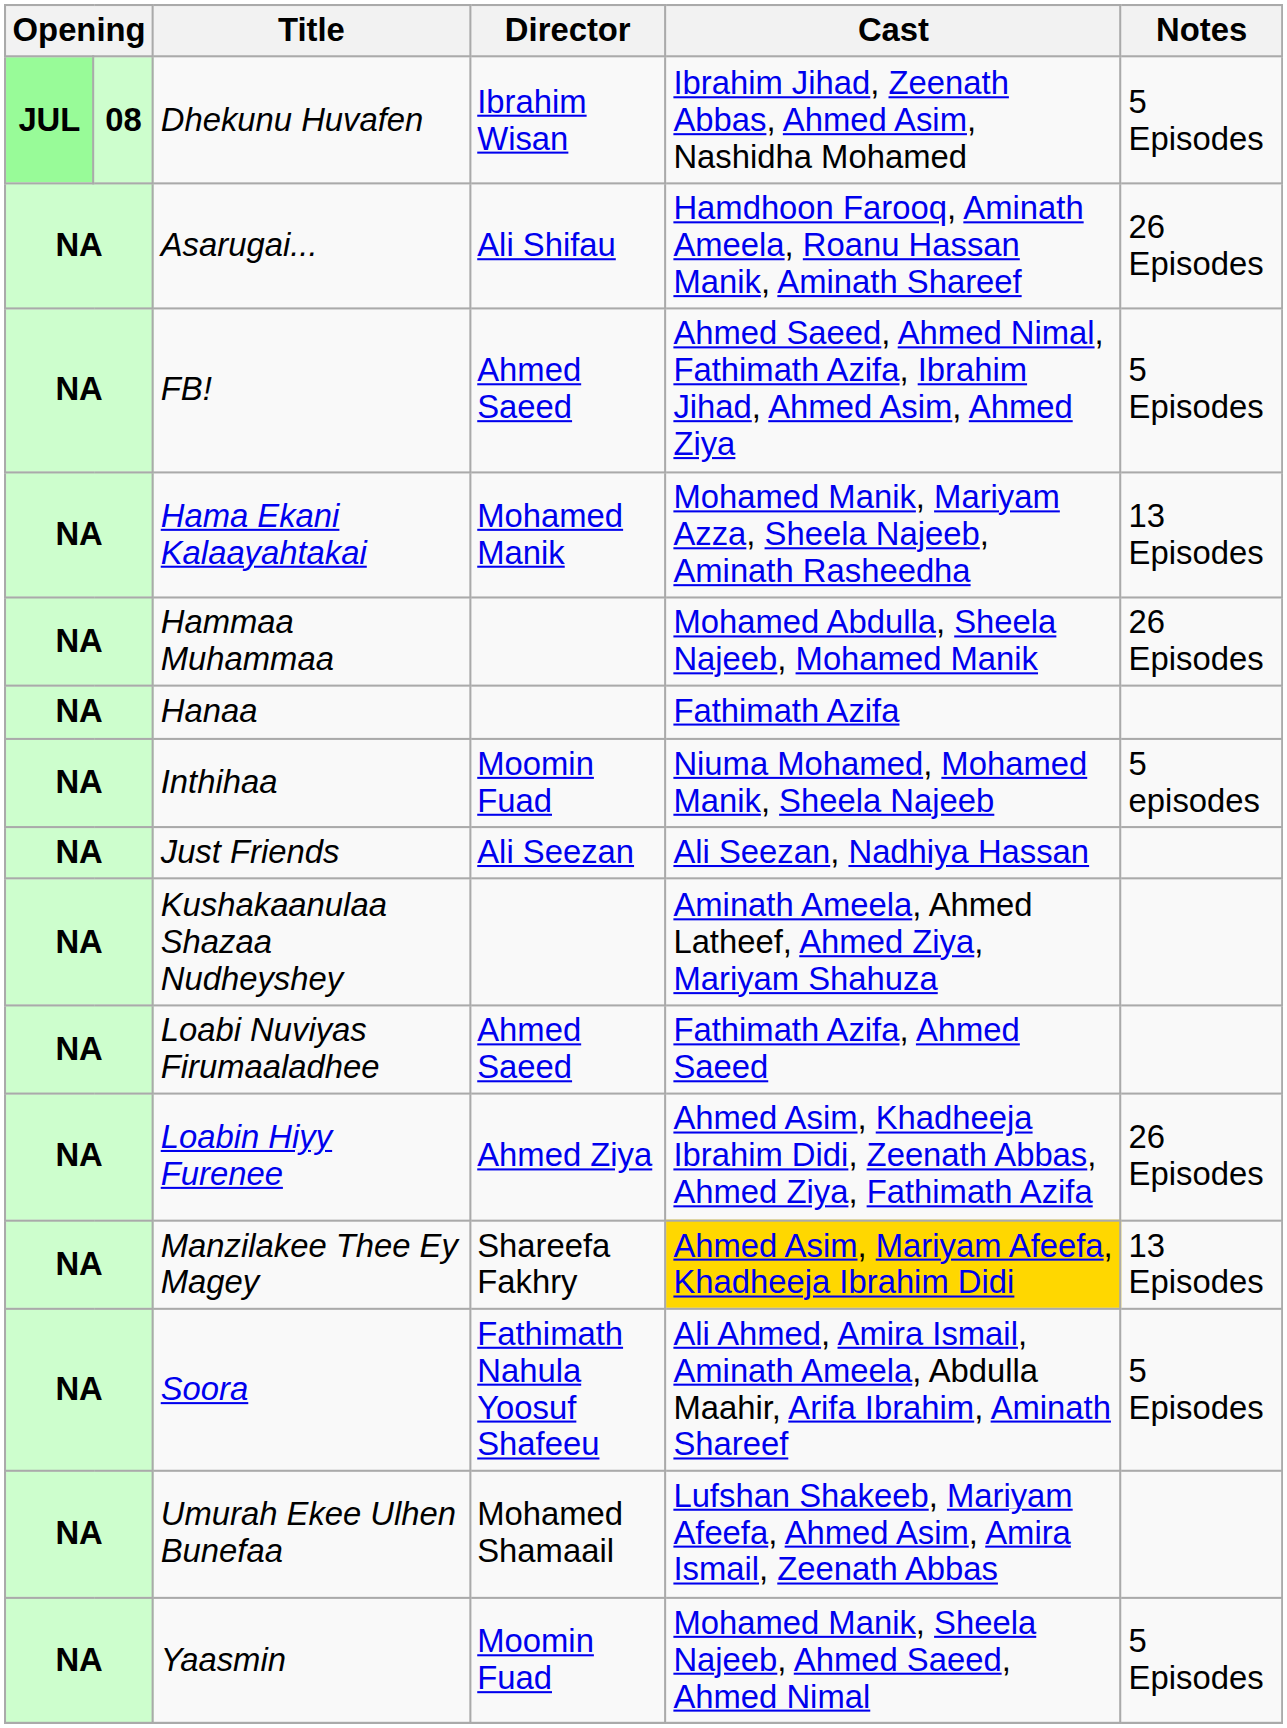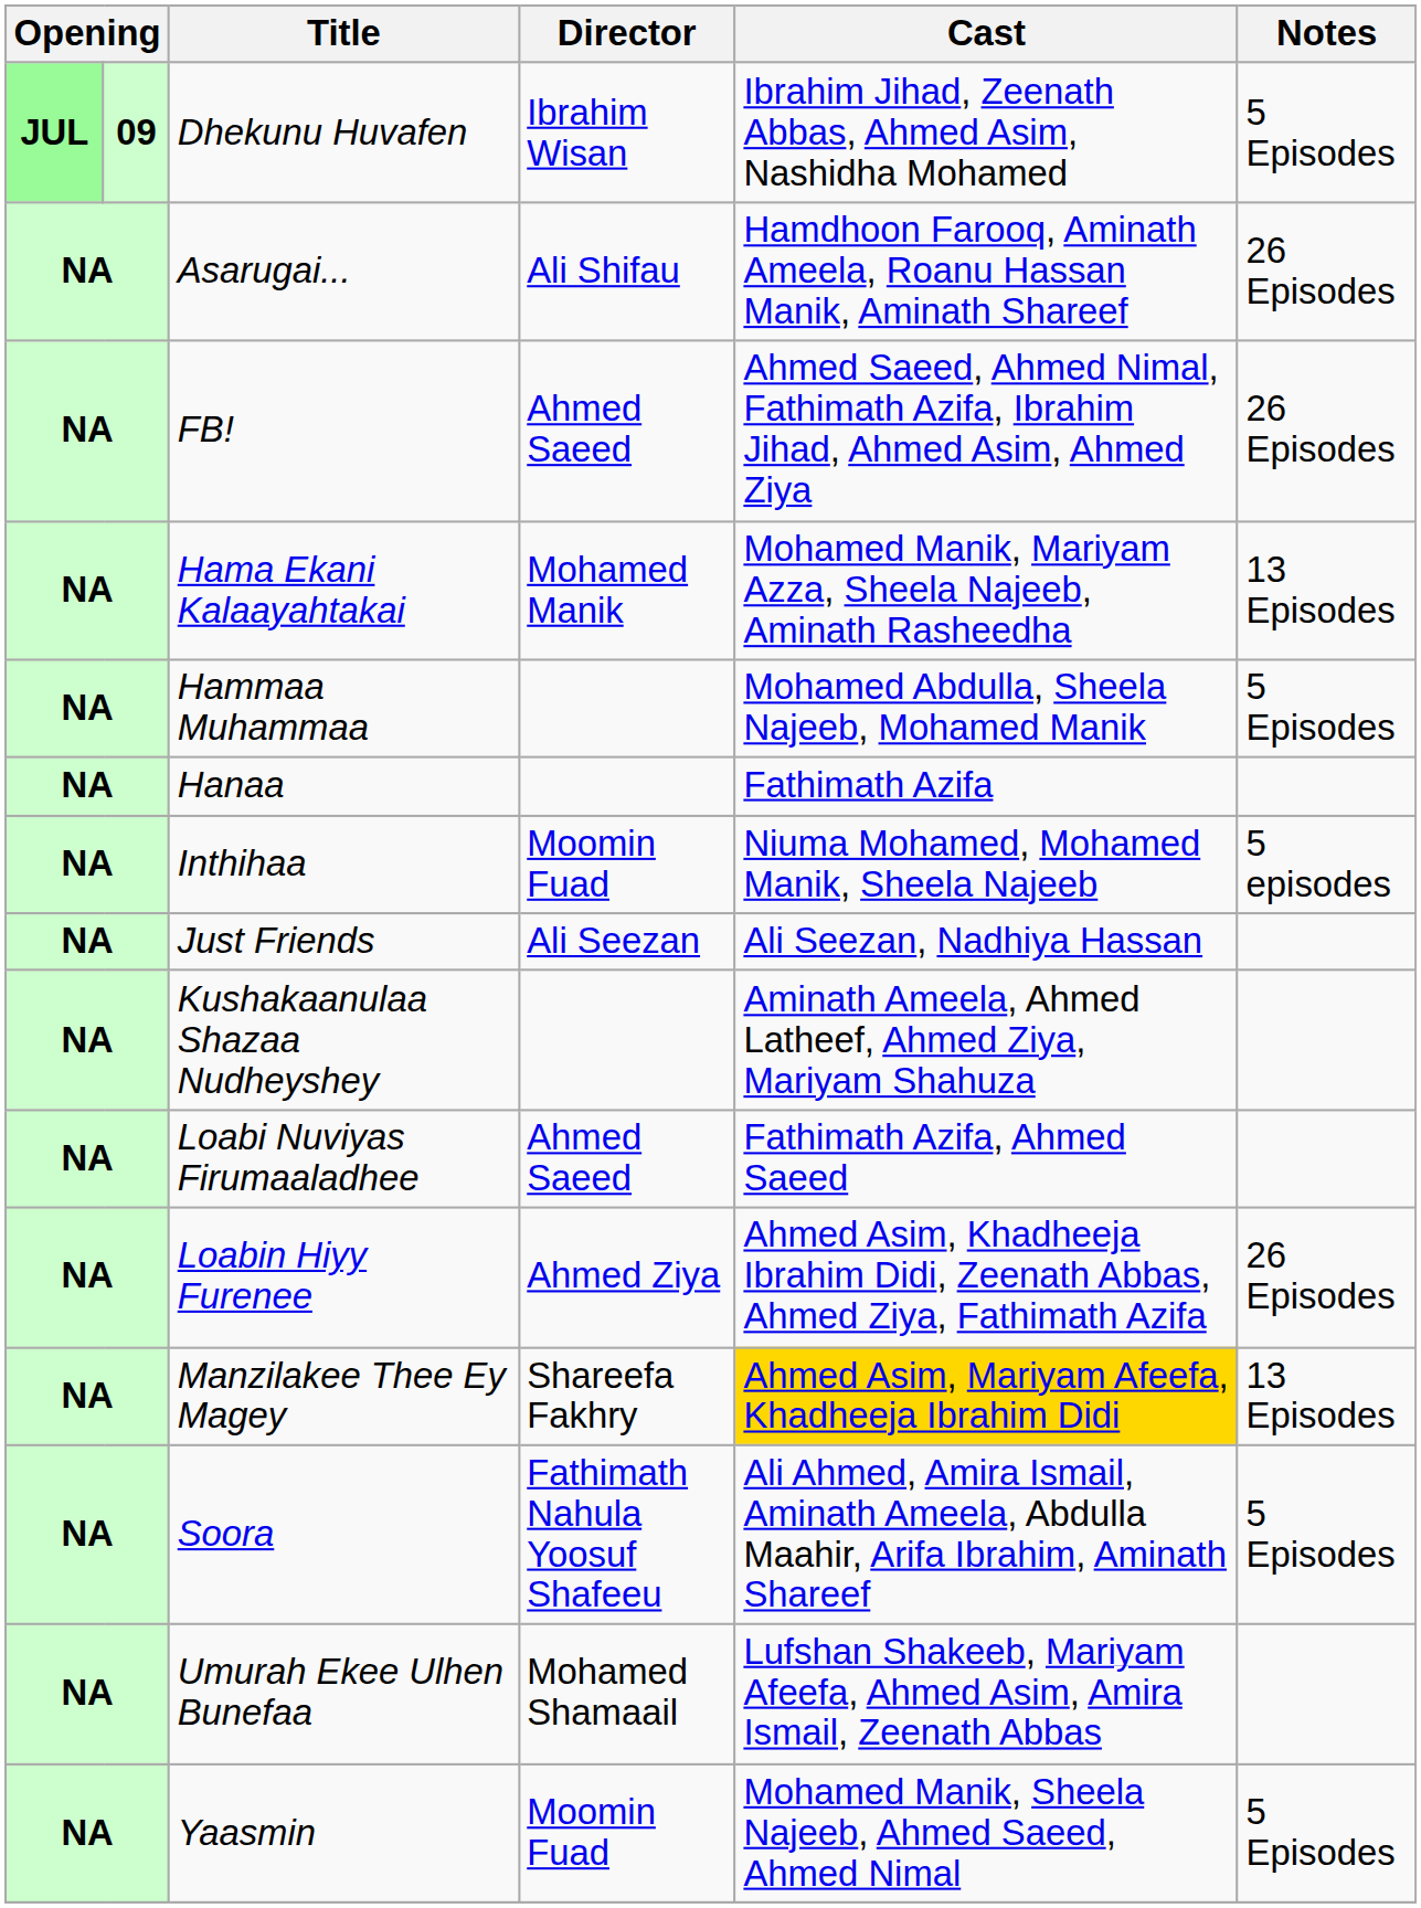 <table class="wikitable plainrowheaders" width="100%">
 <tr>
 <th scope="col" colspan="2">Opening</th>
 <th scope="col">Title</th>
 <th scope="col">Director</th>
 <th scope="col">Cast</th>
 <th scope="col">Notes</th>
 </tr>
 <tr>
 <td style="text-align:center; background:#98fb98; textcolor:#000;"><strong>JUL</strong></td>
-<td style="text-align:center; textcolor:#000; background:#cdfecd;"><strong>08</strong></td>
+<td style="text-align:center; textcolor:#000; background:#cdfecd;"><strong>09</strong></td>
 <td><em>Dhekunu Huvafen</em></td>
 <td><a href='#'>Ibrahim Wisan</a></td>
 <td><a href='#'>Ibrahim Jihad</a>, <a href='#'>Zeenath Abbas</a>, <a href='#'>Ahmed Asim</a>, Nashidha Mohamed</td>
 <td>5 Episodes</td>
 </tr>
 <tr>
 <td style="text-align:center; textcolor:#000; background:#cdfecd;" colspan="2"><strong>NA</strong></td>
 <td><em>Asarugai...</em></td>
 <td><a href='#'>Ali Shifau</a></td>
 <td><a href='#'>Hamdhoon Farooq</a>, <a href='#'>Aminath Ameela</a>, <a href='#'>Roanu Hassan Manik</a>, <a href='#'>Aminath Shareef</a></td>
 <td>26 Episodes</td>
 </tr>
 <tr>
 <td style="text-align:center; textcolor:#000; background:#cdfecd;" colspan="2"><strong>NA</strong></td>
 <td><em>FB!</em></td>
 <td><a href='#'>Ahmed Saeed</a></td>
 <td><a href='#'>Ahmed Saeed</a>, <a href='#'>Ahmed Nimal</a>, <a href='#'>Fathimath Azifa</a>, <a href='#'>Ibrahim Jihad</a>, <a href='#'>Ahmed Asim</a>, <a href='#'>Ahmed Ziya</a></td>
-<td>5 Episodes</td>
+<td>26 Episodes</td>
 </tr>
 <tr>
 <td style="text-align:center; textcolor:#000; background:#cdfecd;" colspan="2"><strong>NA</strong></td>
 <td><em><a href='#'>Hama Ekani Kalaayahtakai</a></em></td>
 <td><a href='#'>Mohamed Manik</a></td>
 <td><a href='#'>Mohamed Manik</a>, <a href='#'>Mariyam Azza</a>, <a href='#'>Sheela Najeeb</a>, <a href='#'>Aminath Rasheedha</a></td>
 <td>13 Episodes</td>
 </tr>
 <tr>
 <td style="text-align:center; textcolor:#000; background:#cdfecd;" colspan="2"><strong>NA</strong></td>
 <td><em>Hammaa Muhammaa</em></td>
 <td></td>
 <td><a href='#'>Mohamed Abdulla</a>, <a href='#'>Sheela Najeeb</a>, <a href='#'>Mohamed Manik</a></td>
-<td>26 Episodes</td>
+<td>5 Episodes</td>
 </tr>
 <tr>
 <td style="text-align:center; textcolor:#000; background:#cdfecd;" colspan="2"><strong>NA</strong></td>
 <td><em>Hanaa</em></td>
 <td></td>
 <td><a href='#'>Fathimath Azifa</a></td>
 <td></td>
 </tr>
 <tr>
 <td style="text-align:center; textcolor:#000; background:#cdfecd;" colspan="2"><strong>NA</strong></td>
 <td><em>Inthihaa</em></td>
 <td><a href='#'>Moomin Fuad</a></td>
 <td><a href='#'>Niuma Mohamed</a>, <a href='#'>Mohamed Manik</a>, <a href='#'>Sheela Najeeb</a></td>
 <td>5 episodes</td>
 </tr>
 <tr>
 <td style="text-align:center; textcolor:#000; background:#cdfecd;" colspan="2"><strong>NA</strong></td>
 <td><em>Just Friends</em></td>
 <td><a href='#'>Ali Seezan</a></td>
 <td><a href='#'>Ali Seezan</a>, <a href='#'>Nadhiya Hassan</a></td>
 <td></td>
 </tr>
 <tr>
 <td style="text-align:center; textcolor:#000; background:#cdfecd;" colspan="2"><strong>NA</strong></td>
 <td><em>Kushakaanulaa Shazaa Nudheyshey</em></td>
 <td></td>
 <td><a href='#'>Aminath Ameela</a>, Ahmed Latheef, <a href='#'>Ahmed Ziya</a>, <a href='#'>Mariyam Shahuza</a></td>
 <td></td>
 </tr>
 <tr>
 <td style="text-align:center; textcolor:#000; background:#cdfecd;" colspan="2"><strong>NA</strong></td>
 <td><em>Loabi Nuviyas Firumaaladhee</em></td>
 <td><a href='#'>Ahmed Saeed</a></td>
 <td><a href='#'>Fathimath Azifa</a>, <a href='#'>Ahmed Saeed</a></td>
 <td></td>
 </tr>
 <tr>
 <td colspan="2" style="text-align:center; textcolor:#000; background:#cdfecd;"><strong>NA</strong></td>
 <td><em><a href='#'>Loabin Hiyy Furenee</a></em></td>
 <td><a href='#'>Ahmed Ziya</a></td>
 <td><a href='#'>Ahmed Asim</a>, <a href='#'>Khadheeja Ibrahim Didi</a>, <a href='#'>Zeenath Abbas</a>, <a href='#'>Ahmed Ziya</a>, <a href='#'>Fathimath Azifa</a></td>
 <td>26 Episodes</td>
 </tr>
 <tr>
 <td style="text-align:center; textcolor:#000; background:#cdfecd;" colspan="2"><strong>NA</strong></td>
 <td><em>Manzilakee Thee Ey Magey</em></td>
 <td>Shareefa Fakhry</td>
 <td style="background: gold;"><a href='#'>Ahmed Asim</a>, <a href='#'>Mariyam Afeefa</a>, <a href='#'>Khadheeja Ibrahim Didi</a></td>
 <td>13 Episodes</td>
 </tr>
 <tr>
 <td style="text-align:center; textcolor:#000; background:#cdfecd;" colspan="2"><strong>NA</strong></td>
 <td><em><a href='#'>Soora</a></em></td>
 <td><a href='#'>Fathimath Nahula</a><br><a href='#'>Yoosuf Shafeeu</a></td>
 <td><a href='#'>Ali Ahmed</a>, <a href='#'>Amira Ismail</a>, <a href='#'>Aminath Ameela</a>, Abdulla Maahir, <a href='#'>Arifa Ibrahim</a>, <a href='#'>Aminath Shareef</a></td>
 <td>5 Episodes</td>
 </tr>
 <tr>
 <td style="text-align:center; textcolor:#000; background:#cdfecd;" colspan="2"><strong>NA</strong></td>
 <td><em>Umurah Ekee Ulhen Bunefaa</em></td>
 <td>Mohamed Shamaail</td>
 <td><a href='#'>Lufshan Shakeeb</a>, <a href='#'>Mariyam Afeefa</a>, <a href='#'>Ahmed Asim</a>, <a href='#'>Amira Ismail</a>, <a href='#'>Zeenath Abbas</a></td>
 <td></td>
 </tr>
 <tr>
 <td style="text-align:center; textcolor:#000; background:#cdfecd;" colspan="2"><strong>NA</strong></td>
 <td><em>Yaasmin</em></td>
 <td><a href='#'>Moomin Fuad</a></td>
 <td><a href='#'>Mohamed Manik</a>, <a href='#'>Sheela Najeeb</a>, <a href='#'>Ahmed Saeed</a>, <a href='#'>Ahmed Nimal</a></td>
 <td>5 Episodes</td>
 </tr>
 <tr>
 </tr>
 </table>
